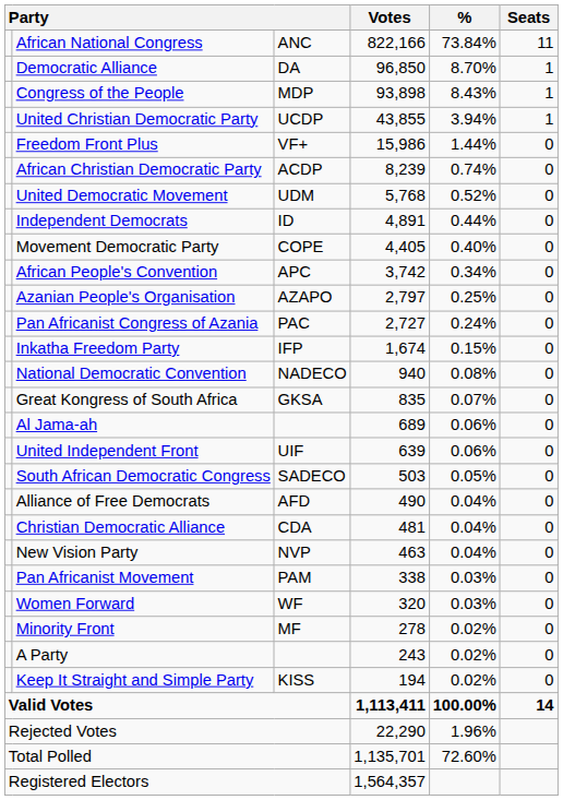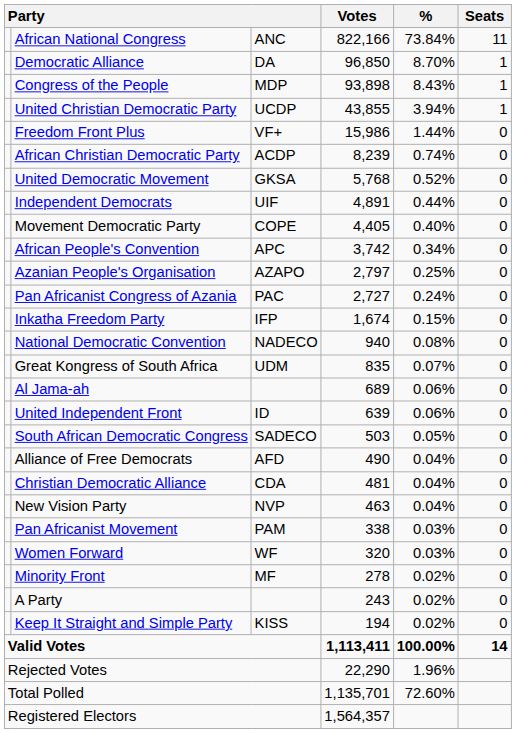 <table class="wikitable" border="1" style="text-align:right;">
 <tr>
 <th style="text-align:left;" colspan=3>Party</th>
 <th align=center width="50">Votes</th>
 <th align=center width="50">%</th>
 <th align=center width="50">Seats</th>
 </tr>
 <tr>
 <td style="background:"></td>
 <td align=left><a href='#'>African National Congress</a></td>
 <td align=left>ANC</td>
 <td>822,166</td>
 <td>73.84%</td>
 <td>11</td>
 </tr>
 <tr>
 <td style="background:"></td>
 <td align=left><a href='#'>Democratic Alliance</a></td>
 <td align=left>DA</td>
 <td>96,850</td>
 <td>8.70%</td>
 <td>1</td>
 </tr>
 <tr>
 <td style="background:"></td>
 <td align=left><a href='#'>Congress of the People</a></td>
 <td align=left>MDP</td>
 <td>93,898</td>
 <td>8.43%</td>
 <td>1</td>
 </tr>
 <tr>
 <td style="background:"></td>
 <td align=left><a href='#'>United Christian Democratic Party</a></td>
 <td align=left>UCDP</td>
 <td>43,855</td>
 <td>3.94%</td>
 <td>1</td>
 </tr>
 <tr>
 <td style="background:"></td>
 <td align=left><a href='#'>Freedom Front Plus</a></td>
 <td align=left>VF+</td>
 <td>15,986</td>
 <td>1.44%</td>
 <td>0</td>
 </tr>
 <tr>
 <td style="background:"></td>
 <td align=left><a href='#'>African Christian Democratic Party</a></td>
 <td align=left>ACDP</td>
 <td>8,239</td>
 <td>0.74%</td>
 <td>0</td>
 </tr>
 <tr>
 <td style="background:"></td>
 <td align=left><a href='#'>United Democratic Movement</a></td>
-<td align=left>UDM</td>
+<td align=left>GKSA</td>
 <td>5,768</td>
 <td>0.52%</td>
 <td>0</td>
 </tr>
 <tr>
 <td style="background:"></td>
 <td align=left><a href='#'>Independent Democrats</a></td>
-<td align=left>ID</td>
+<td align=left>UIF</td>
 <td>4,891</td>
 <td>0.44%</td>
 <td>0</td>
 </tr>
 <tr>
 <td></td>
 <td align=left>Movement Democratic Party</td>
 <td align=left>COPE</td>
 <td>4,405</td>
 <td>0.40%</td>
 <td>0</td>
 </tr>
 <tr>
 <td style="background:"></td>
 <td align=left><a href='#'>African People's Convention</a></td>
 <td align=left>APC</td>
 <td>3,742</td>
 <td>0.34%</td>
 <td>0</td>
 </tr>
 <tr>
 <td style="background:"></td>
 <td align=left><a href='#'>Azanian People's Organisation</a></td>
 <td align=left>AZAPO</td>
 <td>2,797</td>
 <td>0.25%</td>
 <td>0</td>
 </tr>
 <tr>
 <td style="background:"></td>
 <td align=left><a href='#'>Pan Africanist Congress of Azania</a></td>
 <td align=left>PAC</td>
 <td>2,727</td>
 <td>0.24%</td>
 <td>0</td>
 </tr>
 <tr>
 <td style="background:"></td>
 <td align=left><a href='#'>Inkatha Freedom Party</a></td>
 <td align=left>IFP</td>
 <td>1,674</td>
 <td>0.15%</td>
 <td>0</td>
 </tr>
 <tr>
 <td style="background:"></td>
 <td align=left><a href='#'>National Democratic Convention</a></td>
 <td align=left>NADECO</td>
 <td>940</td>
 <td>0.08%</td>
 <td>0</td>
 </tr>
 <tr>
 <td></td>
 <td align=left>Great Kongress of South Africa</td>
-<td align=left>GKSA</td>
+<td align=left>UDM</td>
 <td>835</td>
 <td>0.07%</td>
 <td>0</td>
 </tr>
 <tr>
 <td style="background:"></td>
 <td align=left><a href='#'>Al Jama-ah</a></td>
 <td align=left></td>
 <td>689</td>
 <td>0.06%</td>
 <td>0</td>
 </tr>
 <tr>
 <td style="background:"></td>
 <td align=left><a href='#'>United Independent Front</a></td>
-<td align=left>UIF</td>
+<td align=left>ID</td>
 <td>639</td>
 <td>0.06%</td>
 <td>0</td>
 </tr>
 <tr>
 <td></td>
 <td align=left><a href='#'>South African Democratic Congress</a></td>
 <td align=left>SADECO</td>
 <td>503</td>
 <td>0.05%</td>
 <td>0</td>
 </tr>
 <tr>
 <td></td>
 <td align=left>Alliance of Free Democrats</td>
 <td align=left>AFD</td>
 <td>490</td>
 <td>0.04%</td>
 <td>0</td>
 </tr>
 <tr>
 <td style="background:"></td>
 <td align=left><a href='#'>Christian Democratic Alliance</a></td>
 <td align=left>CDA</td>
 <td>481</td>
 <td>0.04%</td>
 <td>0</td>
 </tr>
 <tr>
 <td></td>
 <td align=left>New Vision Party</td>
 <td align=left>NVP</td>
 <td>463</td>
 <td>0.04%</td>
 <td>0</td>
 </tr>
 <tr>
 <td style="background:"></td>
 <td align=left><a href='#'>Pan Africanist Movement</a></td>
 <td align=left>PAM</td>
 <td>338</td>
 <td>0.03%</td>
 <td>0</td>
 </tr>
 <tr>
 <td style="background:"></td>
 <td align=left><a href='#'>Women Forward</a></td>
 <td align=left>WF</td>
 <td>320</td>
 <td>0.03%</td>
 <td>0</td>
 </tr>
 <tr>
 <td style="background:"></td>
 <td align=left><a href='#'>Minority Front</a></td>
 <td align=left>MF</td>
 <td>278</td>
 <td>0.02%</td>
 <td>0</td>
 </tr>
 <tr>
 <td></td>
 <td align=left>A Party</td>
 <td align=left></td>
 <td>243</td>
 <td>0.02%</td>
 <td>0</td>
 </tr>
 <tr>
 <td style="background:"></td>
 <td align=left><a href='#'>Keep It Straight and Simple Party</a></td>
 <td align=left>KISS</td>
 <td>194</td>
 <td>0.02%</td>
 <td>0</td>
 </tr>
 <tr style="font-weight:bold">
 <td align=left colspan=3>Valid Votes</td>
 <td>1,113,411</td>
 <td>100.00%</td>
 <td>14</td>
 </tr>
 <tr>
 <td align=left colspan=3>Rejected Votes</td>
 <td>22,290</td>
 <td>1.96%</td>
 <td></td>
 </tr>
 <tr>
 <td align=left colspan=3>Total Polled</td>
 <td>1,135,701</td>
 <td>72.60%</td>
 <td></td>
 </tr>
 <tr>
 <td align=left colspan=3>Registered Electors</td>
 <td>1,564,357</td>
 <td></td>
 <td></td>
 </tr>
 </table>
